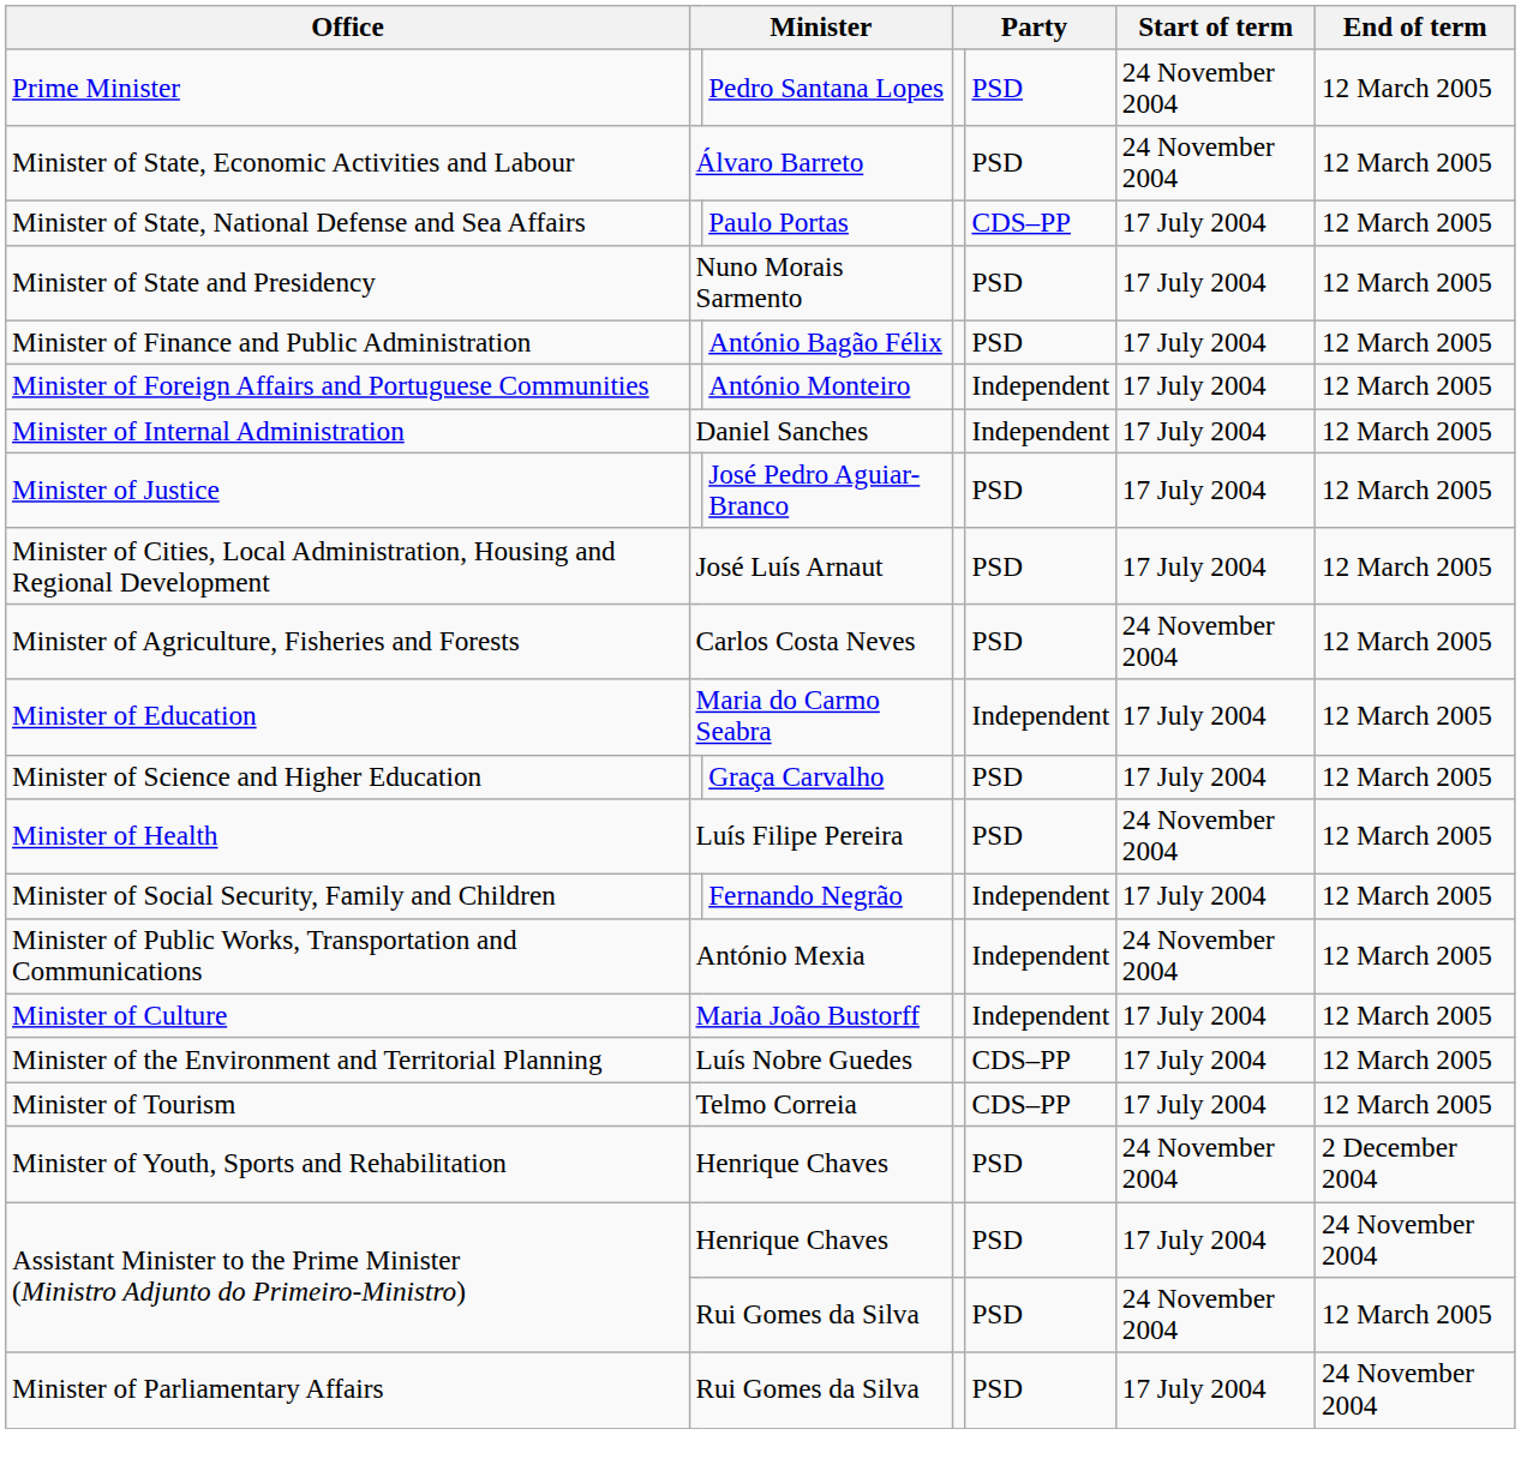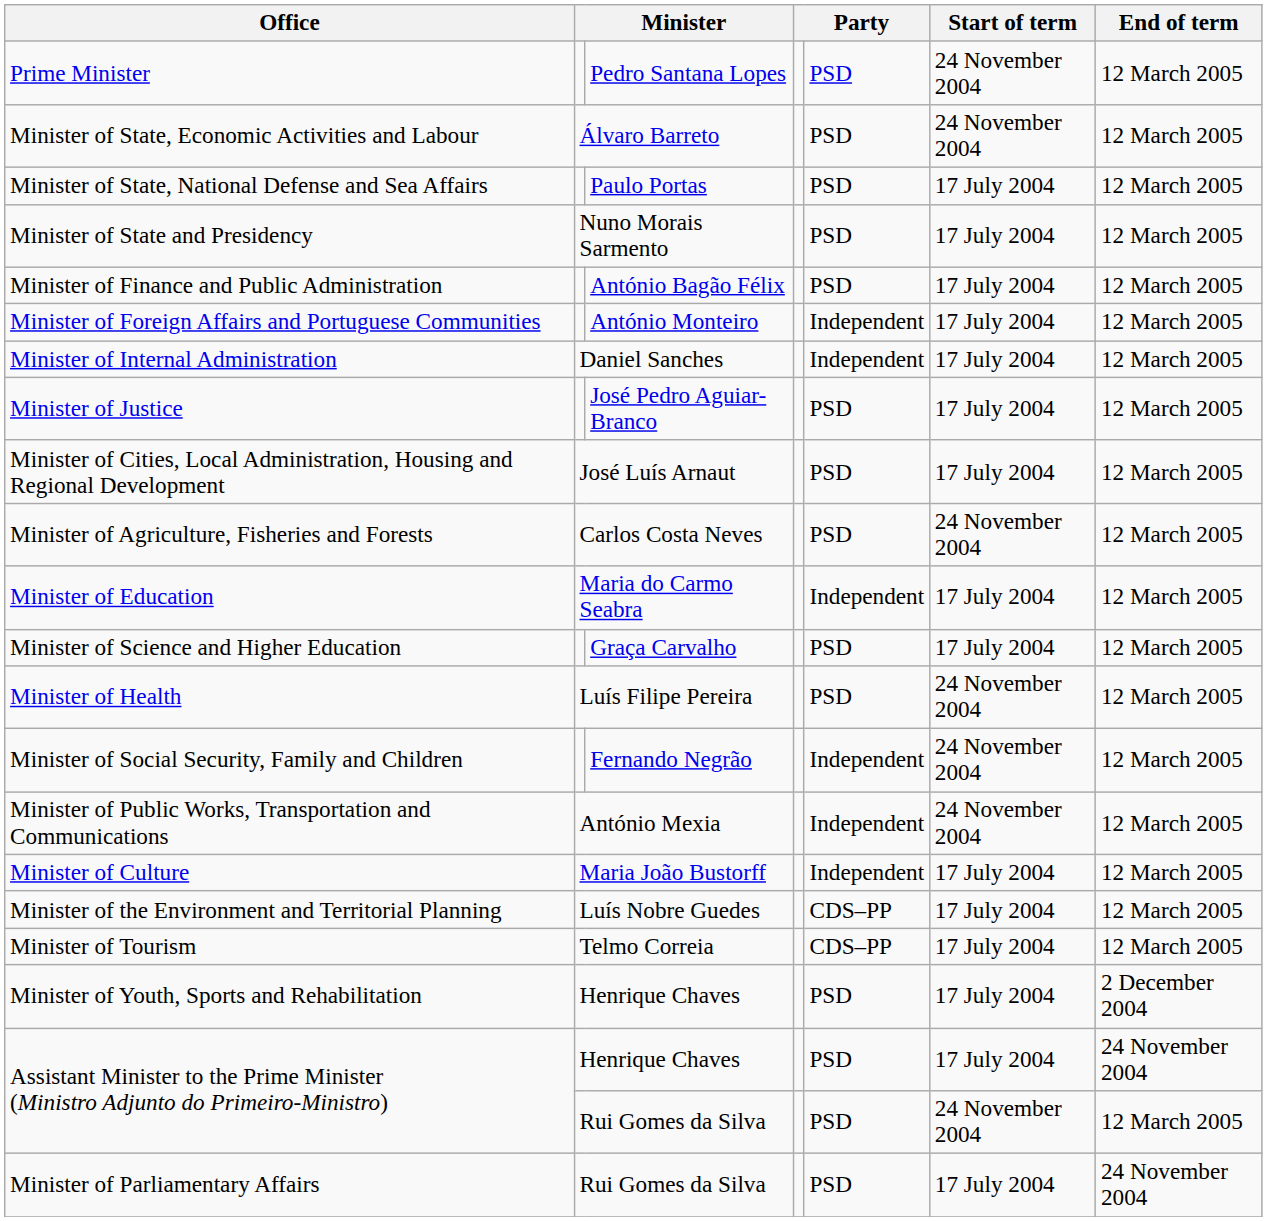 <table class="wikitable">
 <tr>
 <th>Office</th>
 <th colspan="2">Minister</th>
 <th colspan="2">Party</th>
 <th>Start of term</th>
 <th>End of term</th>
 </tr>
 <tr>
 <td><a href='#'>Prime Minister</a></td>
 <td></td>
 <td><a href='#'>Pedro Santana Lopes</a></td>
 <td style="background:"></td>
 <td><a href='#'>PSD</a></td>
 <td>24 November 2004</td>
 <td>12 March 2005</td>
 </tr>
 <tr>
 <td>Minister of State, Economic Activities and Labour</td>
 <td colspan="2"><a href='#'>Álvaro Barreto</a></td>
 <td style="background:"></td>
 <td>PSD</td>
 <td>24 November 2004</td>
 <td>12 March 2005</td>
 </tr>
 <tr>
 <td>Minister of State, National Defense and Sea Affairs</td>
 <td></td>
 <td><a href='#'>Paulo Portas</a></td>
 <td style="background:"></td>
-<td><a href='#'>CDS–PP</a></td>
+<td>PSD</td>
 <td>17 July 2004</td>
 <td>12 March 2005</td>
 </tr>
 <tr>
 <td>Minister of State and Presidency</td>
 <td colspan="2">Nuno Morais Sarmento</td>
 <td style="background:"></td>
 <td>PSD</td>
 <td>17 July 2004</td>
 <td>12 March 2005</td>
 </tr>
 <tr>
 <td>Minister of Finance and Public Administration</td>
 <td></td>
 <td><a href='#'>António Bagão Félix</a></td>
 <td style="background:"></td>
 <td>PSD</td>
 <td>17 July 2004</td>
 <td>12 March 2005</td>
 </tr>
 <tr>
 <td><a href='#'>Minister of Foreign Affairs and Portuguese Communities</a></td>
 <td></td>
 <td><a href='#'>António Monteiro</a></td>
 <td style="background:"></td>
 <td>Independent</td>
 <td>17 July 2004</td>
 <td>12 March 2005</td>
 </tr>
 <tr>
 <td><a href='#'>Minister of Internal Administration</a></td>
 <td colspan="2">Daniel Sanches</td>
 <td style="background:"></td>
 <td>Independent</td>
 <td>17 July 2004</td>
 <td>12 March 2005</td>
 </tr>
 <tr>
 <td><a href='#'>Minister of Justice</a></td>
 <td></td>
 <td><a href='#'>José Pedro Aguiar-Branco</a></td>
 <td style="background:"></td>
 <td>PSD</td>
 <td>17 July 2004</td>
 <td>12 March 2005</td>
 </tr>
 <tr>
 <td>Minister of Cities, Local Administration, Housing and Regional Development</td>
 <td colspan="2">José Luís Arnaut</td>
 <td style="background:"></td>
 <td>PSD</td>
 <td>17 July 2004</td>
 <td>12 March 2005</td>
 </tr>
 <tr>
 <td>Minister of Agriculture, Fisheries and Forests</td>
 <td colspan="2">Carlos Costa Neves</td>
 <td style="background:"></td>
 <td>PSD</td>
 <td>24 November 2004</td>
 <td>12 March 2005</td>
 </tr>
 <tr>
 <td><a href='#'>Minister of Education</a></td>
 <td colspan="2"><a href='#'>Maria do Carmo Seabra</a></td>
 <td style="background:"></td>
 <td>Independent</td>
 <td>17 July 2004</td>
 <td>12 March 2005</td>
 </tr>
 <tr>
 <td>Minister of Science and Higher Education</td>
 <td></td>
 <td><a href='#'>Graça Carvalho</a></td>
 <td style="background:"></td>
 <td>PSD</td>
 <td>17 July 2004</td>
 <td>12 March 2005</td>
 </tr>
 <tr>
 <td><a href='#'>Minister of Health</a></td>
 <td colspan="2">Luís Filipe Pereira</td>
 <td style="background:"></td>
 <td>PSD</td>
 <td>24 November 2004</td>
 <td>12 March 2005</td>
 </tr>
 <tr>
 <td>Minister of Social Security, Family and Children</td>
 <td></td>
 <td><a href='#'>Fernando Negrão</a></td>
 <td style="background:"></td>
 <td>Independent</td>
-<td>17 July 2004</td>
+<td>24 November 2004</td>
 <td>12 March 2005</td>
 </tr>
 <tr>
 <td>Minister of Public Works, Transportation and Communications</td>
 <td colspan="2">António Mexia</td>
 <td style="background:"></td>
 <td>Independent</td>
 <td>24 November 2004</td>
 <td>12 March 2005</td>
 </tr>
 <tr>
 <td><a href='#'>Minister of Culture</a></td>
 <td colspan="2"><a href='#'>Maria João Bustorff</a></td>
 <td style="background:"></td>
 <td>Independent</td>
 <td>17 July 2004</td>
 <td>12 March 2005</td>
 </tr>
 <tr>
 <td>Minister of the Environment and Territorial Planning</td>
 <td colspan="2">Luís Nobre Guedes</td>
 <td style="background:"></td>
 <td>CDS–PP</td>
 <td>17 July 2004</td>
 <td>12 March 2005</td>
 </tr>
 <tr>
 <td>Minister of Tourism</td>
 <td colspan="2">Telmo Correia</td>
 <td style="background:"></td>
 <td>CDS–PP</td>
 <td>17 July 2004</td>
 <td>12 March 2005</td>
 </tr>
 <tr>
 <td>Minister of Youth, Sports and Rehabilitation</td>
 <td colspan="2">Henrique Chaves</td>
 <td style="background:"></td>
 <td>PSD</td>
-<td>24 November 2004</td>
+<td>17 July 2004</td>
 <td>2 December 2004</td>
 </tr>
 <tr>
 <td rowspan="2">Assistant Minister to the Prime Minister<br>(<em>Ministro Adjunto do Primeiro-Ministro</em>)</td>
 <td colspan="2">Henrique Chaves</td>
 <td style="background:"></td>
 <td>PSD</td>
 <td>17 July 2004</td>
 <td>24 November 2004</td>
 </tr>
 <tr>
 <td colspan="2">Rui Gomes da Silva</td>
 <td style="background:"></td>
 <td>PSD</td>
 <td>24 November 2004</td>
 <td>12 March 2005</td>
 </tr>
 <tr>
 <td>Minister of Parliamentary Affairs</td>
 <td colspan="2">Rui Gomes da Silva</td>
 <td style="background:"></td>
 <td>PSD</td>
 <td>17 July 2004</td>
 <td>24 November 2004</td>
 </tr>
 </table>
